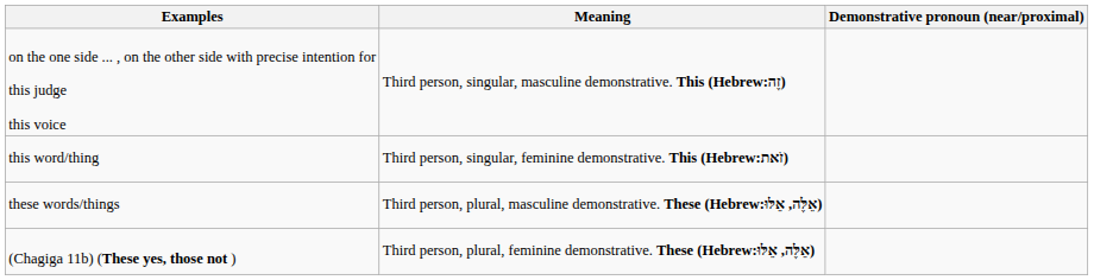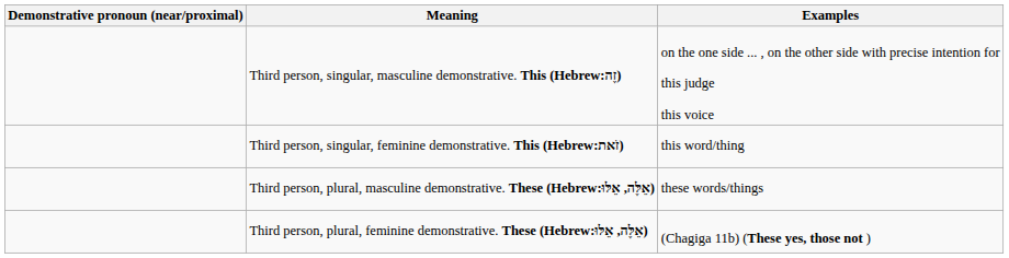 <table class="wikitable">
 <tr>
+<th>Demonstrative pronoun (near/proximal)</th>
+<th>Meaning</th>
 <th>Examples</th>
-<th>Meaning</th>
-<th>Demonstrative pronoun (near/proximal)</th>
 </tr>
 <tr style="height: 50px">
+<td></td>
+<td>Third person, singular, masculine demonstrative. <strong>This (Hebrew:זֶה)</strong></td>
 <td> <br> on the one side ... , on the other side with precise intention for <br>  <br> this judge <br> <br> this voice</td>
-<td>Third person, singular, masculine demonstrative. <strong>This (Hebrew:זֶה)</strong></td>
-<td></td>
 </tr>
 <tr style="height: 50px">
+<td></td>
+<td>Third person, singular, feminine demonstrative. <strong>This (Hebrew:זֹאת)</strong></td>
 <td> this word/thing</td>
-<td>Third person, singular, feminine demonstrative. <strong>This (Hebrew:זֹאת)</strong></td>
-<td></td>
 </tr>
 <tr style="height: 50px">
+<td></td>
+<td>Third person, plural, masculine demonstrative. <strong>These (Hebrew:אֵלֶּה, אֵלּוּ)</strong></td>
 <td> these words/things</td>
-<td>Third person, plural, masculine demonstrative. <strong>These (Hebrew:אֵלֶּה, אֵלּוּ)</strong></td>
-<td></td>
 </tr>
 <tr style="height: 50px">
+<td></td>
+<td>Third person, plural, feminine demonstrative. <strong>These (Hebrew:אֵלֶּה, אֵלּוּ)</strong></td>
 <td> <br> (Chagiga 11b)  (<strong>These yes, those not  </strong>)</td>
-<td>Third person, plural, feminine demonstrative. <strong>These (Hebrew:אֵלֶּה, אֵלּוּ)</strong></td>
-<td></td>
 </tr>
 </table>
